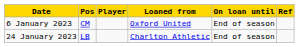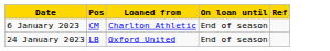 <table class="wikitable plainrowheaders sortable">
 <tr>
 <th style="background-color:#ffd700; color:#000000; ">Date</th>
 <th style="background-color:#ffd700; color:#000000; ">Pos</th>
-<th style="background-color:#ffd700; color:#000000; ">Player</th>
 <th style="background-color:#ffd700; color:#000000; ">Loaned from</th>
 <th style="background-color:#ffd700; color:#000000; ">On loan until</th>
 <th style="background-color:#ffd700; color:#000000; ">Ref</th>
 </tr>
 <tr>
 <td>6 January 2023</td>
 <td><a href='#'>CM</a></td>
-<td></td>
-<td><a href='#'>Oxford United</a></td>
+<td><a href='#'>Charlton Athletic</a></td>
 <td>End of season</td>
 <td></td>
 </tr>
 <tr>
 <td>24 January 2023</td>
 <td><a href='#'>LB</a></td>
-<td></td>
-<td><a href='#'>Charlton Athletic</a></td>
+<td><a href='#'>Oxford United</a></td>
 <td>End of season</td>
 <td></td>
 </tr>
 </table>
